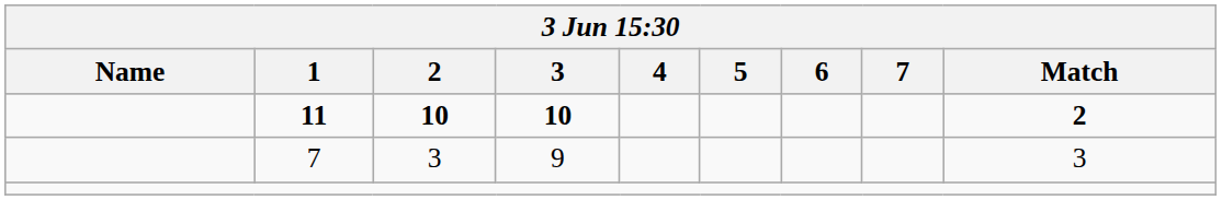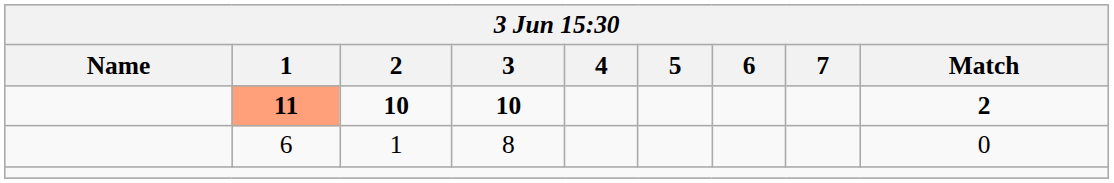 <table class=wikitable style="text-align:center; width: 55%">
 <tr>
 <th colspan=17><em> 3 Jun 15:30</em></th>
 </tr>
 <tr>
 <th>Name</th>
 <th>1</th>
 <th>2</th>
 <th>3</th>
 <th>4</th>
 <th>5</th>
 <th>6</th>
 <th>7</th>
 <th>Match</th>
 </tr>
 <tr>
 <td style="text-align:left;"><strong></strong></td>
-<td><strong>11</strong></td>
+<td style="background: lightsalmon;"><strong>11</strong></td>
 <td><strong>10</strong></td>
 <td><strong>10</strong></td>
 <td></td>
 <td></td>
 <td></td>
 <td></td>
 <td><strong>2</strong></td>
 </tr>
 <tr>
 <td style="text-align:left;"></td>
-<td>7</td>
-<td>3</td>
-<td>9</td>
+<td>6</td>
+<td>1</td>
+<td>8</td>
 <td></td>
 <td></td>
 <td></td>
 <td></td>
-<td>3</td>
+<td>0</td>
 </tr>
 <tr>
 <td colspan=17></td>
 </tr>
 </table>
